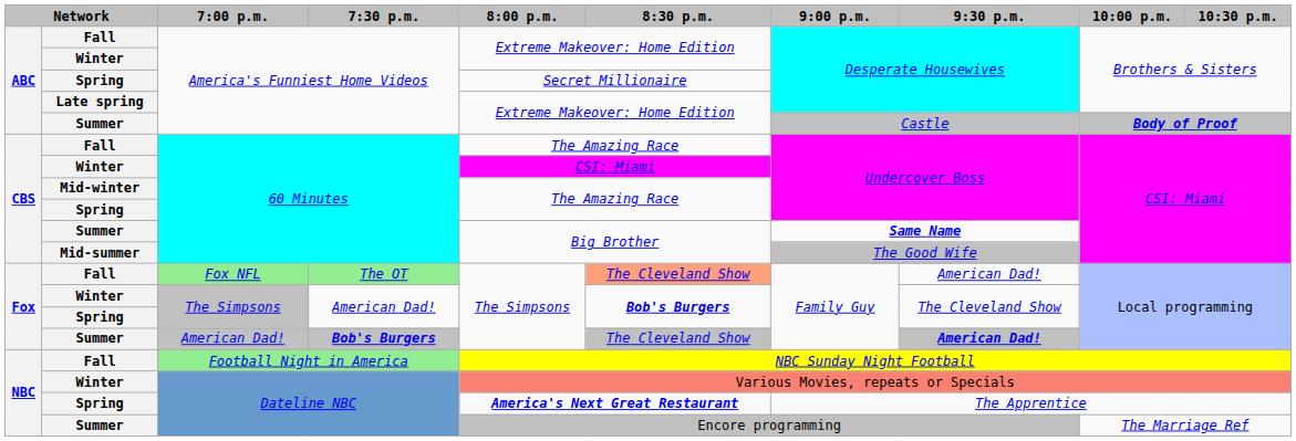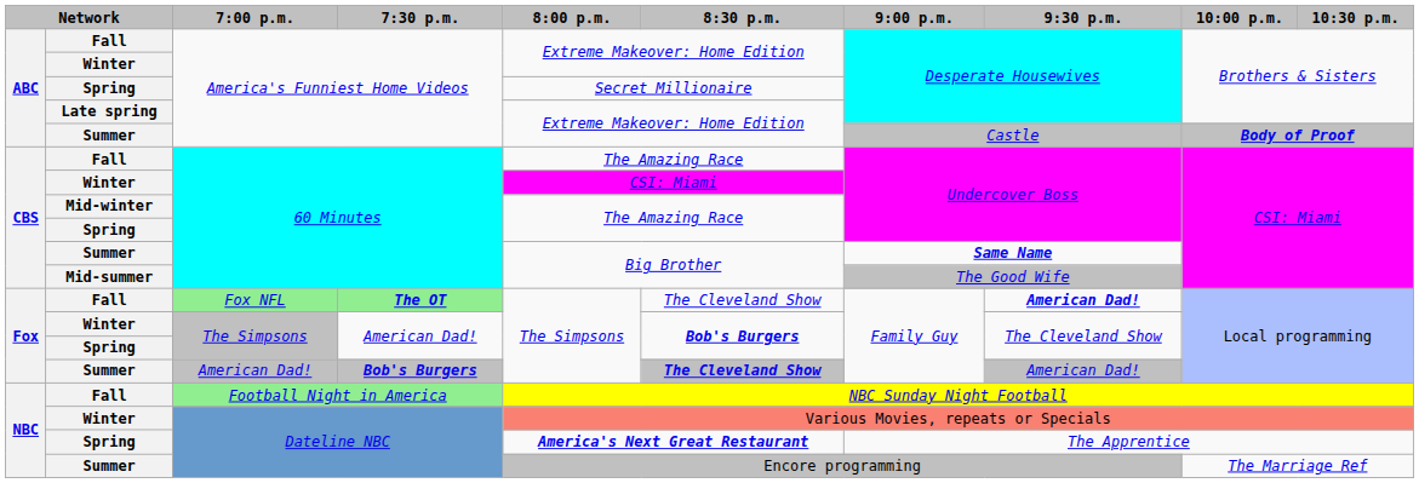 <table class="wikitable" style="width:100%;margin-right:0;text-align:center">
 <tr>
 <th colspan="2" style="background-color:#C0C0C0;text-align:center">Network</th>
 <th style="background-color:#C0C0C0;text-align:center">7:00 p.m.</th>
 <th style="background-color:#C0C0C0;text-align:center">7:30 p.m.</th>
 <th style="background-color:#C0C0C0;text-align:center">8:00 p.m.</th>
 <th style="background-color:#C0C0C0;text-align:center">8:30 p.m.</th>
 <th style="background-color:#C0C0C0;text-align:center;width:10%">9:00 p.m.</th>
 <th style="background-color:#C0C0C0;text-align:center;width:14%">9:30 p.m.</th>
 <th style="background-color:#C0C0C0;text-align:center">10:00 p.m.</th>
 <th style="background-color:#C0C0C0;text-align:center">10:30 p.m.</th>
 </tr>
 <tr>
 <th rowspan="5"><a href='#'>ABC</a></th>
 <th>Fall</th>
 <td rowspan="5" colspan="2"><em><a href='#'>America's Funniest Home Videos</a></em></td>
 <td rowspan="2" colspan="2"><em><a href='#'>Extreme Makeover: Home Edition</a></em></td>
 <td rowspan="4" colspan="2" style="background:cyan;"><em><a href='#'>Desperate Housewives</a></em> </td>
 <td rowspan="4" colspan="2"><em><a href='#'>Brothers & Sisters</a></em></td>
 </tr>
 <tr>
 <th>Winter</th>
 </tr>
 <tr>
 <th>Spring</th>
 <td colspan="2"><em><a href='#'>Secret Millionaire</a></em></td>
 </tr>
 <tr>
 <th>Late spring</th>
 <td colspan="2" rowspan="2"><em><a href='#'>Extreme Makeover: Home Edition</a></em></td>
 </tr>
 <tr>
 <th>Summer</th>
 <td colspan="2" style="background:#C0C0C0;"><em><a href='#'>Castle</a></em> </td>
 <td colspan="2" style="background:#C0C0C0;"><strong><em><a href='#'>Body of Proof</a></em></strong> </td>
 </tr>
 <tr>
 <th rowspan="6"><a href='#'>CBS</a></th>
 <th>Fall</th>
 <td style="background:#00FFFF;" rowspan="6" colspan="2"><em><a href='#'>60 Minutes</a></em> </td>
 <td colspan="2"><em><a href='#'>The Amazing Race</a></em></td>
 <td colspan="2" rowspan="4" style="background:magenta;"><em><a href='#'>Undercover Boss</a></em> </td>
 <td style="background:#FF00FF;" colspan="2" rowspan="6"><em><a href='#'>CSI: Miami</a></em> </td>
 </tr>
 <tr>
 <th>Winter</th>
 <td style="background:#FF00FF;" colspan="2"><em><a href='#'>CSI: Miami</a></em> </td>
 </tr>
 <tr>
 <th>Mid-winter</th>
 <td colspan="2" rowspan="2"><em><a href='#'>The Amazing Race</a></em></td>
 </tr>
 <tr>
 <th>Spring</th>
 </tr>
 <tr>
 <th>Summer</th>
 <td colspan="2" rowspan="2"><em><a href='#'>Big Brother</a></em></td>
 <td colspan="2"><strong><em><a href='#'>Same Name</a></em></strong></td>
 </tr>
 <tr>
 <th>Mid-summer</th>
 <td colspan="2" style="background:#C0C0C0;"><em><a href='#'>The Good Wife</a></em> </td>
 </tr>
 <tr>
 <th rowspan="4"><a href='#'>Fox</a></th>
 <th>Fall</th>
 <td style="background:lightgreen;"><em><a href='#'>Fox NFL</a></em> </td>
-<td style="background:lightgreen;"><em><a href='#'>The OT</a></em></td>
+<td style="background:lightgreen;"><strong><em><a href='#'>The OT</a></em></strong></td>
 <td rowspan="4"><em><a href='#'>The Simpsons</a></em></td>
-<td style="background: lightsalmon;"><em><a href='#'>The Cleveland Show</a></em></td>
+<td><em><a href='#'>The Cleveland Show</a></em></td>
 <td rowspan="4"><em><a href='#'>Family Guy</a></em></td>
-<td><em><a href='#'>American Dad!</a></em></td>
+<td><strong><em><a href='#'>American Dad!</a></em></strong></td>
 <td style="background:#abbfff;" rowspan="4" colspan="2">Local programming</td>
 </tr>
 <tr>
 <th>Winter</th>
 <td style="background:#C0C0C0;" rowspan="2"><em><a href='#'>The Simpsons</a></em><br></td>
 <td rowspan="2"><em><a href='#'>American Dad!</a></em></td>
 <td rowspan="2"><strong><em><a href='#'>Bob's Burgers</a></em></strong></td>
 <td rowspan="2"><em><a href='#'>The Cleveland Show</a></em></td>
 </tr>
 <tr>
 <th>Spring</th>
 </tr>
 <tr>
 <th>Summer</th>
 <td style="background:#C0C0C0;"><em><a href='#'>American Dad!</a></em><br></td>
 <td style="background:#C0C0C0;"><strong><em><a href='#'>Bob's Burgers</a></em></strong><br></td>
-<td style="background:#C0C0C0;"><em><a href='#'>The Cleveland Show</a></em><br></td>
-<td style="background:#C0C0C0;"><strong><em><a href='#'>American Dad!</a></em> </strong></td>
+<td style="background:#C0C0C0;"><strong><em><a href='#'>The Cleveland Show</a></em><br></strong></td>
+<td style="background:#C0C0C0;"><em><a href='#'>American Dad!</a></em> </td>
 </tr>
 <tr>
 <th rowspan="4"><a href='#'>NBC</a></th>
 <th>Fall</th>
 <td colspan="2" style="background:lightgreen;"><em><a href='#'>Football Night in America</a></em></td>
 <td colspan="6" style="background:#FFFF00;"><em><a href='#'>NBC Sunday Night Football</a></em>   </td>
 </tr>
 <tr>
 <th>Winter</th>
 <td style="background:#6699CC;" rowspan="3" colspan="2"><em><a href='#'>Dateline NBC</a></em></td>
 <td style="background:#FA8072;" colspan="6">Various Movies, repeats or Specials</td>
 </tr>
 <tr>
 <th>Spring</th>
 <td colspan="2"><strong><em><a href='#'>America's Next Great Restaurant</a></em></strong></td>
 <td colspan="4"><em><a href='#'>The Apprentice</a></em></td>
 </tr>
 <tr>
 <th>Summer</th>
 <td style="background:#C0C0C0;" colspan="4">Encore programming</td>
 <td colspan="2"><em><a href='#'>The Marriage Ref</a></em></td>
 </tr>
 </table>
